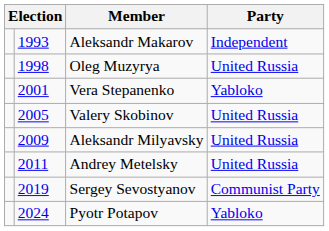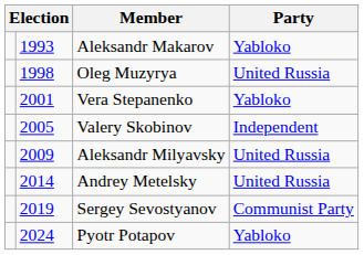 <table class="wikitable">
 <tr>
 <th colspan="2">Election</th>
 <th>Member</th>
 <th>Party</th>
 </tr>
 <tr>
 <td style="background-color:"></td>
 <td><a href='#'>1993</a></td>
 <td>Aleksandr Makarov</td>
-<td><a href='#'>Independent</a></td>
+<td><a href='#'>Yabloko</a></td>
 </tr>
 <tr>
 <td style="background-color:"></td>
 <td><a href='#'>1998</a></td>
 <td>Oleg Muzyrya</td>
 <td><a href='#'>United Russia</a></td>
 </tr>
 <tr>
 <td style="background-color:"></td>
 <td><a href='#'>2001</a></td>
 <td>Vera Stepanenko</td>
 <td><a href='#'>Yabloko</a></td>
 </tr>
 <tr>
 <td style="background-color:"></td>
 <td><a href='#'>2005</a></td>
 <td>Valery Skobinov</td>
-<td><a href='#'>United Russia</a></td>
+<td><a href='#'>Independent</a></td>
 </tr>
 <tr>
 <td style="background-color:"></td>
 <td><a href='#'>2009</a></td>
 <td>Aleksandr Milyavsky</td>
 <td><a href='#'>United Russia</a></td>
 </tr>
 <tr>
 <td style="background-color:"></td>
-<td><a href='#'>2011</a></td>
+<td><a href='#'>2014</a></td>
 <td>Andrey Metelsky</td>
 <td><a href='#'>United Russia</a></td>
 </tr>
 <tr>
 <td style="background-color:"></td>
 <td><a href='#'>2019</a></td>
 <td>Sergey Sevostyanov</td>
 <td><a href='#'>Communist Party</a></td>
 </tr>
 <tr>
 <td style="background-color:"></td>
 <td><a href='#'>2024</a></td>
 <td>Pyotr Potapov</td>
 <td><a href='#'>Yabloko</a></td>
 </tr>
 </table>
